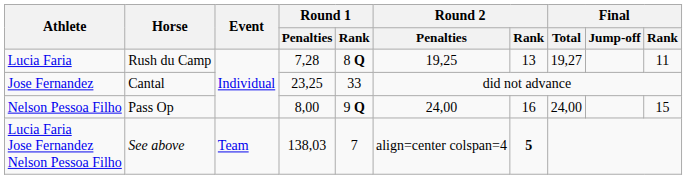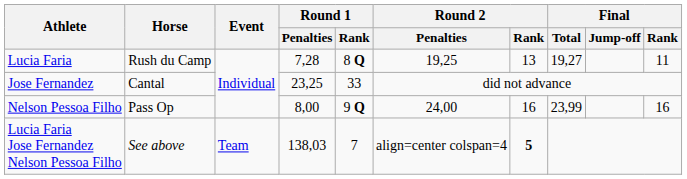 <table class="wikitable" style="font-size:90%">
 <tr>
 <th rowspan="2">Athlete</th>
 <th rowspan="2">Horse</th>
 <th rowspan="2">Event</th>
 <th colspan="2">Round 1</th>
 <th colspan="2">Round 2</th>
 <th colspan="3">Final</th>
 </tr>
 <tr style="font-size:95%">
 <th>Penalties</th>
 <th>Rank</th>
 <th>Penalties</th>
 <th>Rank</th>
 <th>Total</th>
 <th>Jump-off</th>
 <th>Rank</th>
 </tr>
 <tr align=center>
 <td align=left><a href='#'>Lucia Faria</a></td>
 <td align=left>Rush du Camp</td>
 <td align=left rowspan=3><a href='#'>Individual</a></td>
 <td>7,28</td>
 <td>8 <strong>Q</strong></td>
 <td>19,25</td>
 <td>13</td>
 <td>19,27</td>
 <td></td>
 <td>11</td>
 </tr>
 <tr align=center>
 <td align=left><a href='#'>Jose Fernandez</a></td>
 <td align=left>Cantal</td>
 <td>23,25</td>
 <td>33</td>
 <td align=center colspan=5>did not advance</td>
 </tr>
 <tr align=center>
 <td align=left><a href='#'>Nelson Pessoa Filho</a></td>
 <td align=left>Pass Op</td>
 <td>8,00</td>
 <td>9 <strong>Q</strong></td>
 <td>24,00</td>
 <td>16</td>
-<td>24,00</td>
+<td>23,99</td>
 <td></td>
-<td>15</td>
+<td>16</td>
 </tr>
 <tr align=center>
 <td align=left><a href='#'>Lucia Faria</a><br><a href='#'>Jose Fernandez</a><br><a href='#'>Nelson Pessoa Filho</a></td>
 <td align=left><em>See above</em></td>
 <td align=left><a href='#'>Team</a></td>
 <td>138,03</td>
 <td>7</td>
 <td>align=center colspan=4 </td>
 <td><strong>5</strong></td>
 </tr>
 </table>
